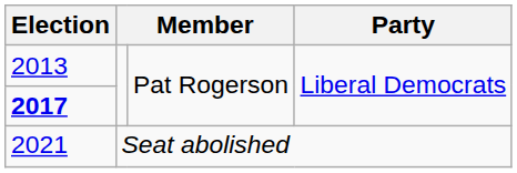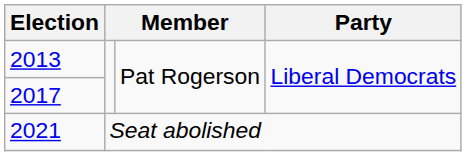 <table class="wikitable">
 <tr>
 <th>Election</th>
 <th colspan="2">Member</th>
 <th>Party</th>
 </tr>
 <tr>
 <td><a href='#'>2013</a></td>
 <td rowspan="2" style="background-color: "></td>
 <td rowspan="2">Pat Rogerson</td>
 <td rowspan="2"><a href='#'>Liberal Democrats</a></td>
 </tr>
 <tr>
-<td><strong><a href='#'>2017</a></strong></td>
+<td><a href='#'>2017</a></td>
 </tr>
 <tr>
 <td><a href='#'>2021</a></td>
 <td colspan="3"><em>Seat abolished</em></td>
 </tr>
 </table>
